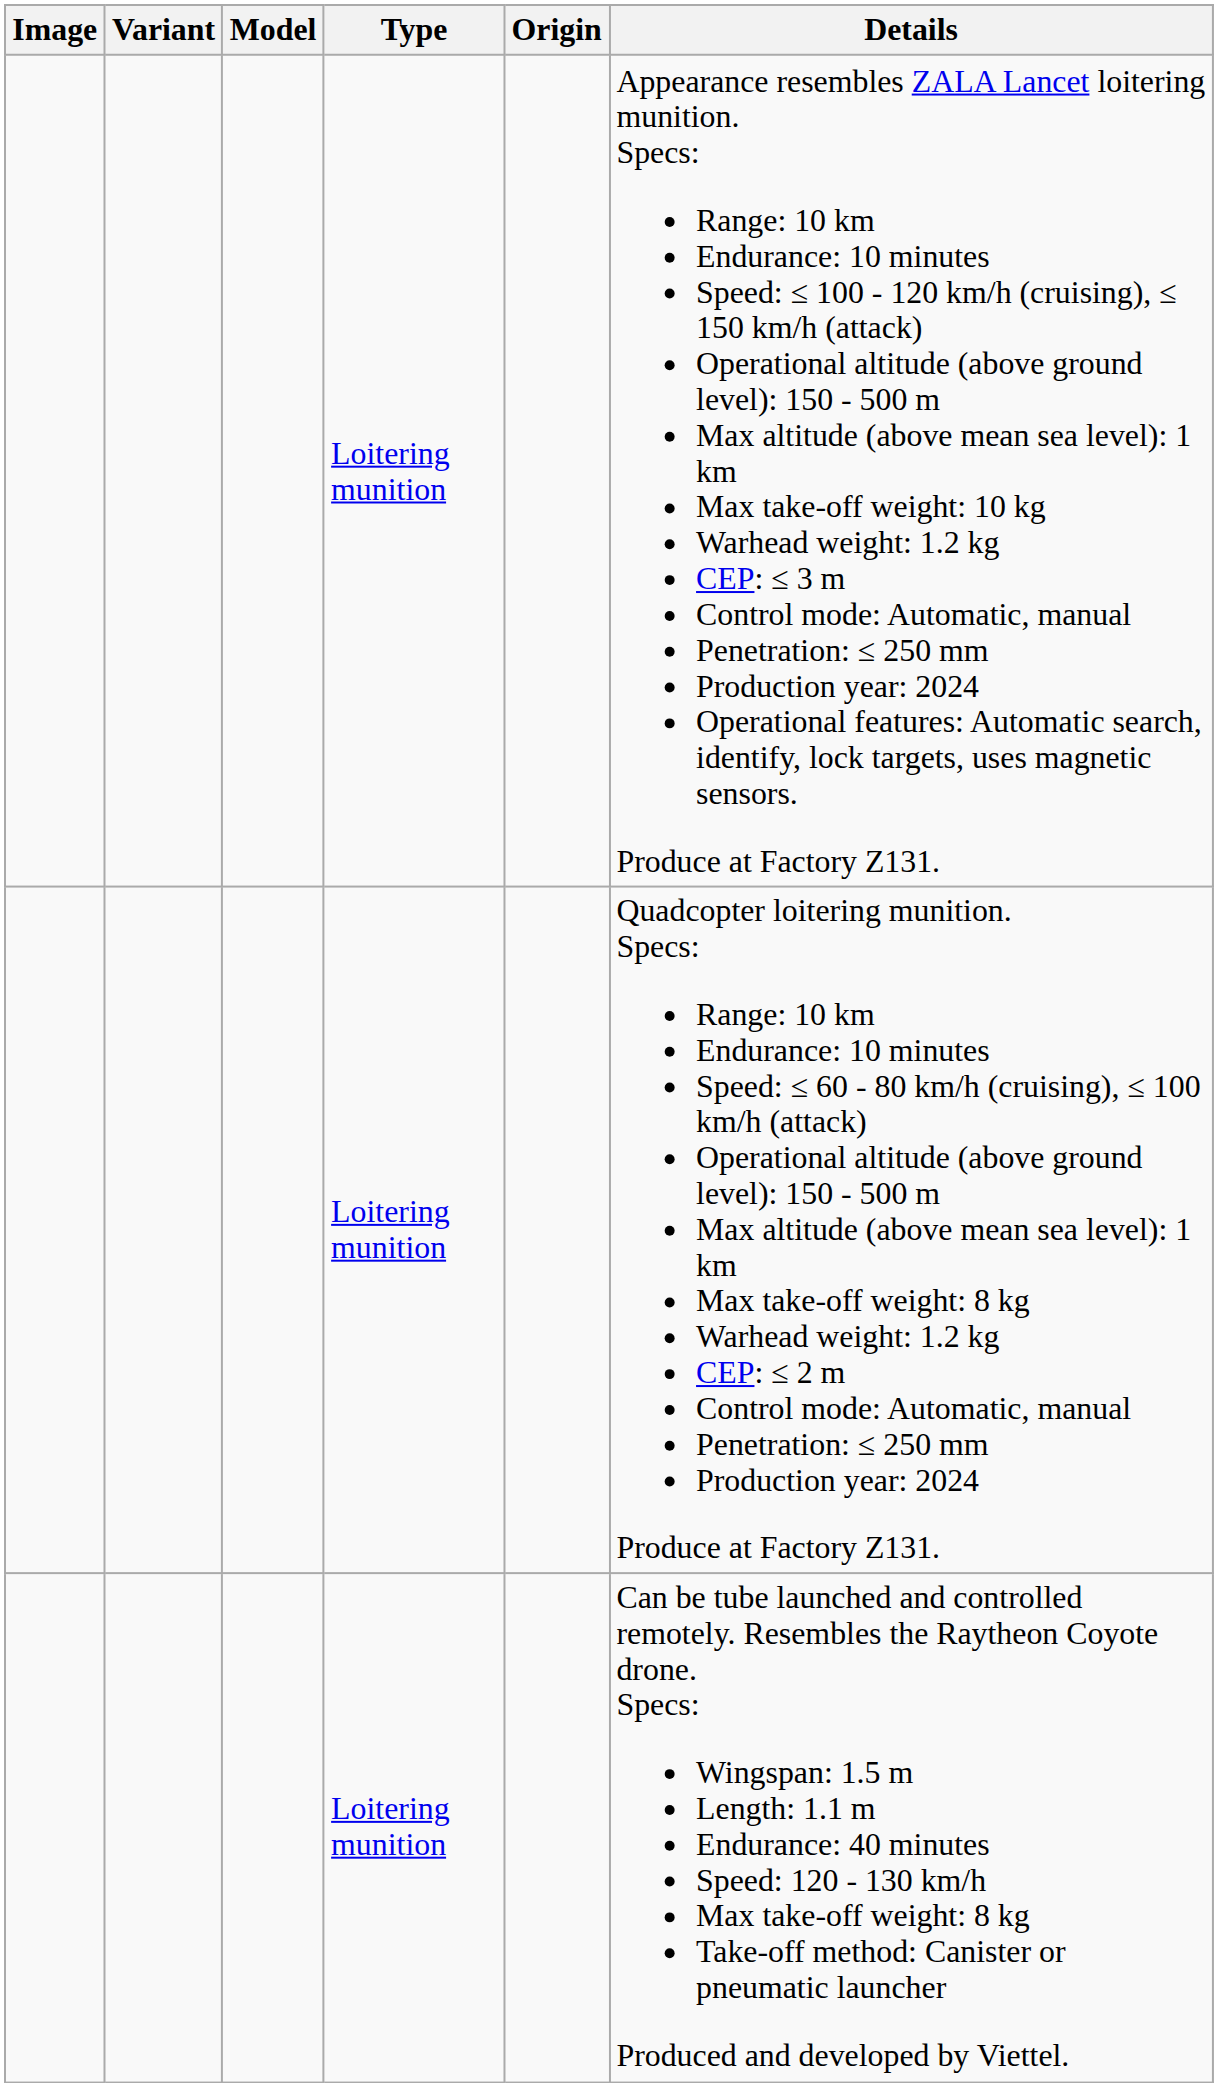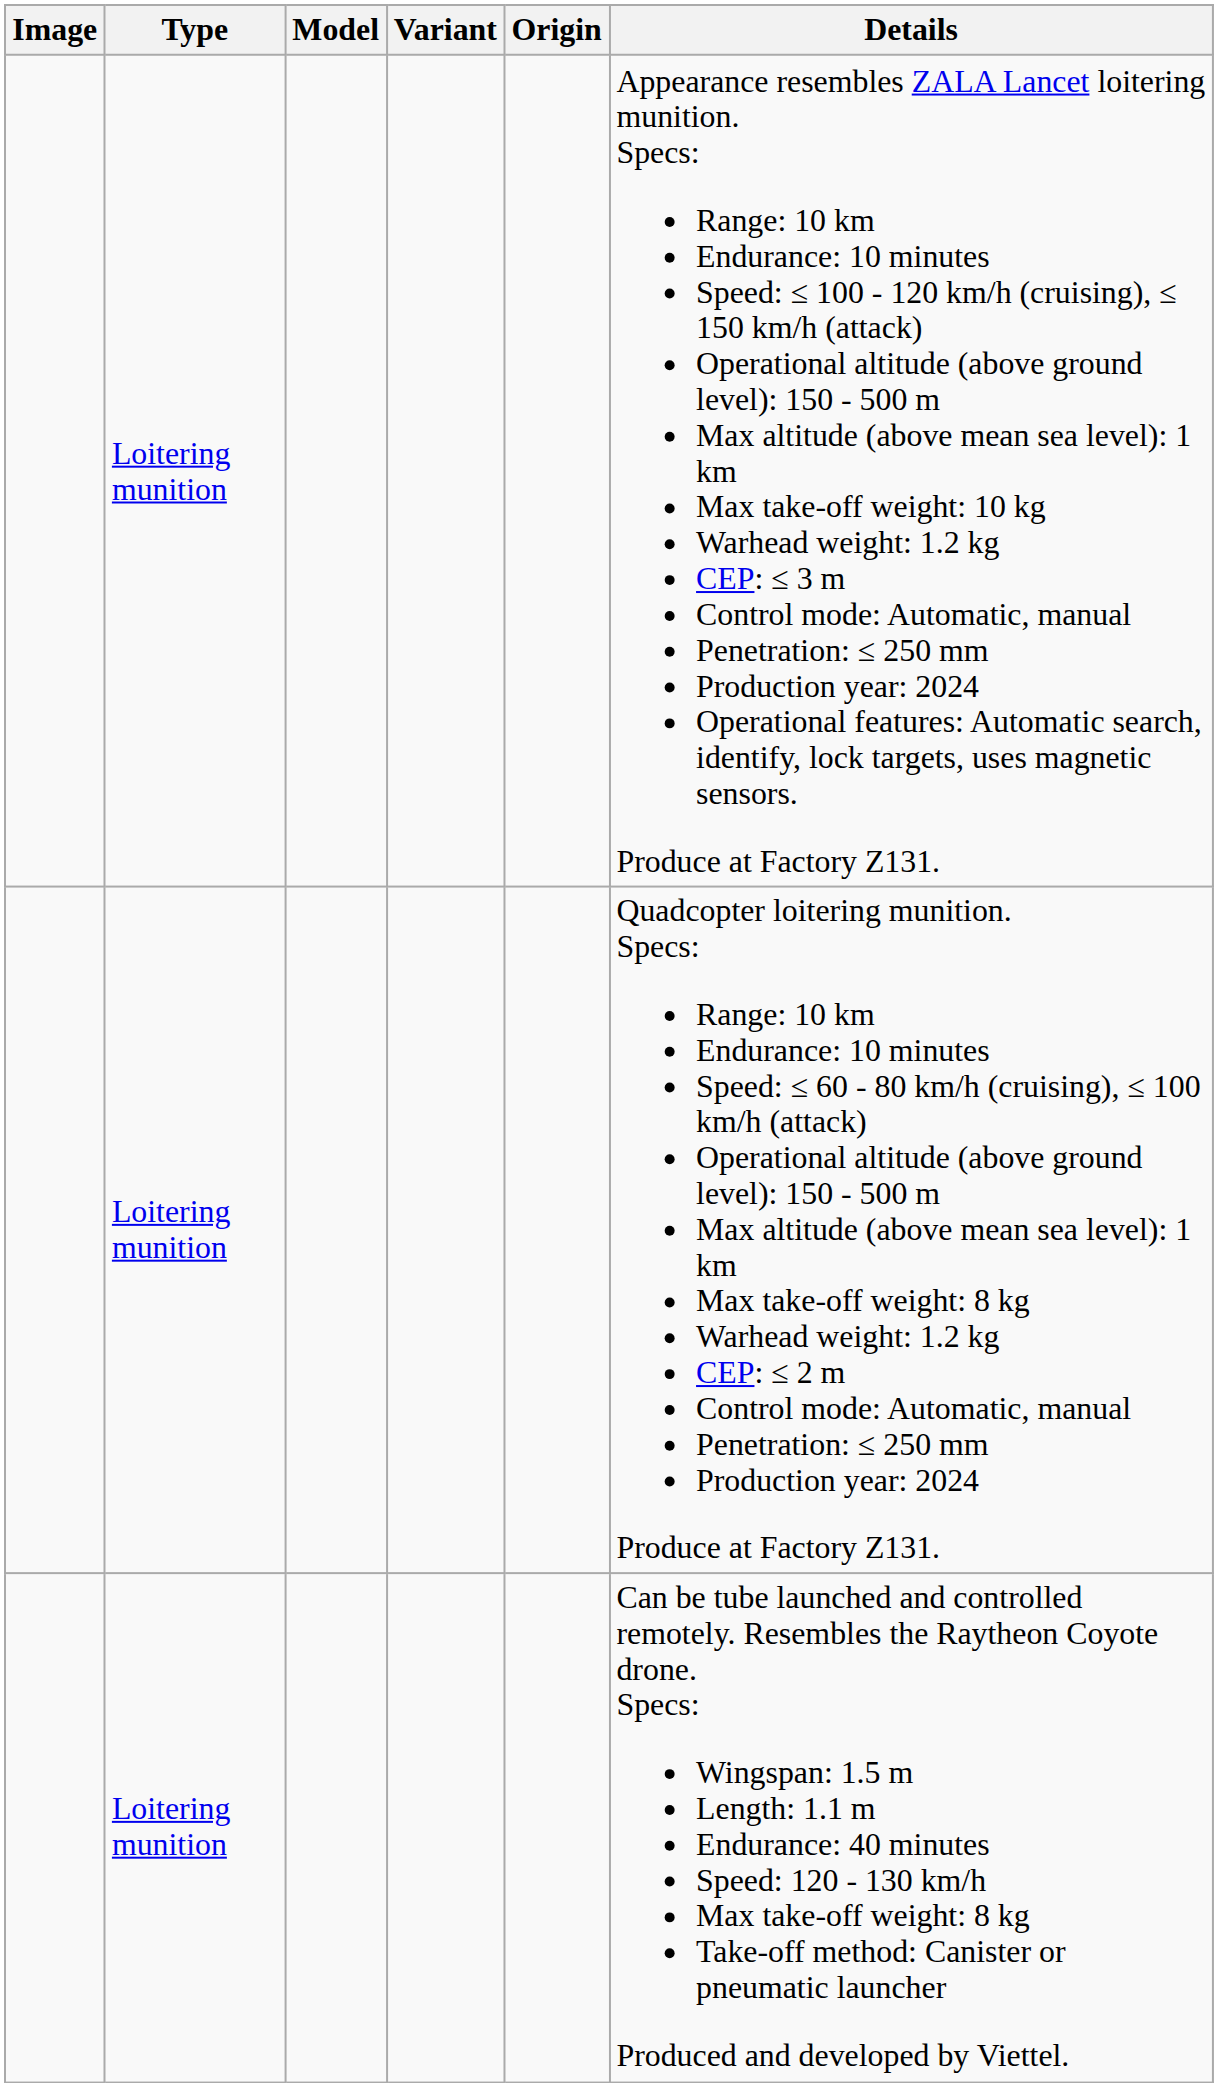 <table class="wikitable">
 <tr>
 <th style="text-align: center;">Image</th>
+<th style="text-align: center;">Type</th>
+<th style="text-align: center;">Model</th>
 <th>Variant</th>
-<th style="text-align: center;">Model</th>
-<th style="text-align: center;">Type</th>
 <th style="text-align: center;">Origin</th>
 <th>Details</th>
 </tr>
 <tr>
 <td></td>
+<td><a href='#'>Loitering munition</a></td>
 <td></td>
 <td></td>
-<td><a href='#'>Loitering munition</a></td>
 <td></td>
 <td>Appearance resembles <a href='#'>ZALA Lancet</a> loitering munition.<br>Specs:<ul><li>Range: 10 km</li><li>Endurance: 10 minutes</li><li>Speed: ≤ 100 - 120 km/h (cruising), ≤ 150 km/h (attack)</li><li>Operational altitude (above ground level): 150 - 500 m</li><li>Max altitude (above mean sea level): 1 km</li><li>Max take-off weight: 10 kg</li><li>Warhead weight: 1.2 kg</li><li><a href='#'>CEP</a>: ≤ 3 m</li><li>Control mode: Automatic, manual</li><li>Penetration: ≤ 250 mm</li><li>Production year: 2024</li><li>Operational features: Automatic search, identify, lock targets, uses magnetic sensors.</li></ul>Produce at Factory Z131.</td>
 </tr>
 <tr>
 <td></td>
+<td><a href='#'>Loitering munition</a></td>
 <td></td>
 <td></td>
-<td><a href='#'>Loitering munition</a></td>
 <td></td>
 <td>Quadcopter loitering munition.<br>Specs:<ul><li>Range: 10 km</li><li>Endurance: 10 minutes</li><li>Speed: ≤ 60 - 80 km/h (cruising), ≤ 100 km/h (attack)</li><li>Operational altitude (above ground level): 150 - 500 m</li><li>Max altitude (above mean sea level): 1 km</li><li>Max take-off weight: 8 kg</li><li>Warhead weight: 1.2 kg</li><li><a href='#'>CEP</a>: ≤ 2 m</li><li>Control mode: Automatic, manual</li><li>Penetration: ≤ 250 mm</li><li>Production year: 2024</li></ul>Produce at Factory Z131.</td>
 </tr>
 <tr>
 <td></td>
+<td><a href='#'>Loitering munition</a></td>
 <td></td>
 <td></td>
-<td><a href='#'>Loitering munition</a></td>
 <td></td>
 <td>Can be tube launched and controlled remotely. Resembles the Raytheon Coyote drone.<br>Specs:<ul><li>Wingspan: 1.5 m</li><li>Length: 1.1 m</li><li>Endurance: 40 minutes</li><li>Speed: 120 - 130 km/h</li><li>Max take-off weight: 8 kg</li><li>Take-off method: Canister or pneumatic launcher</li></ul>Produced and developed by Viettel.</td>
 </tr>
 </table>
